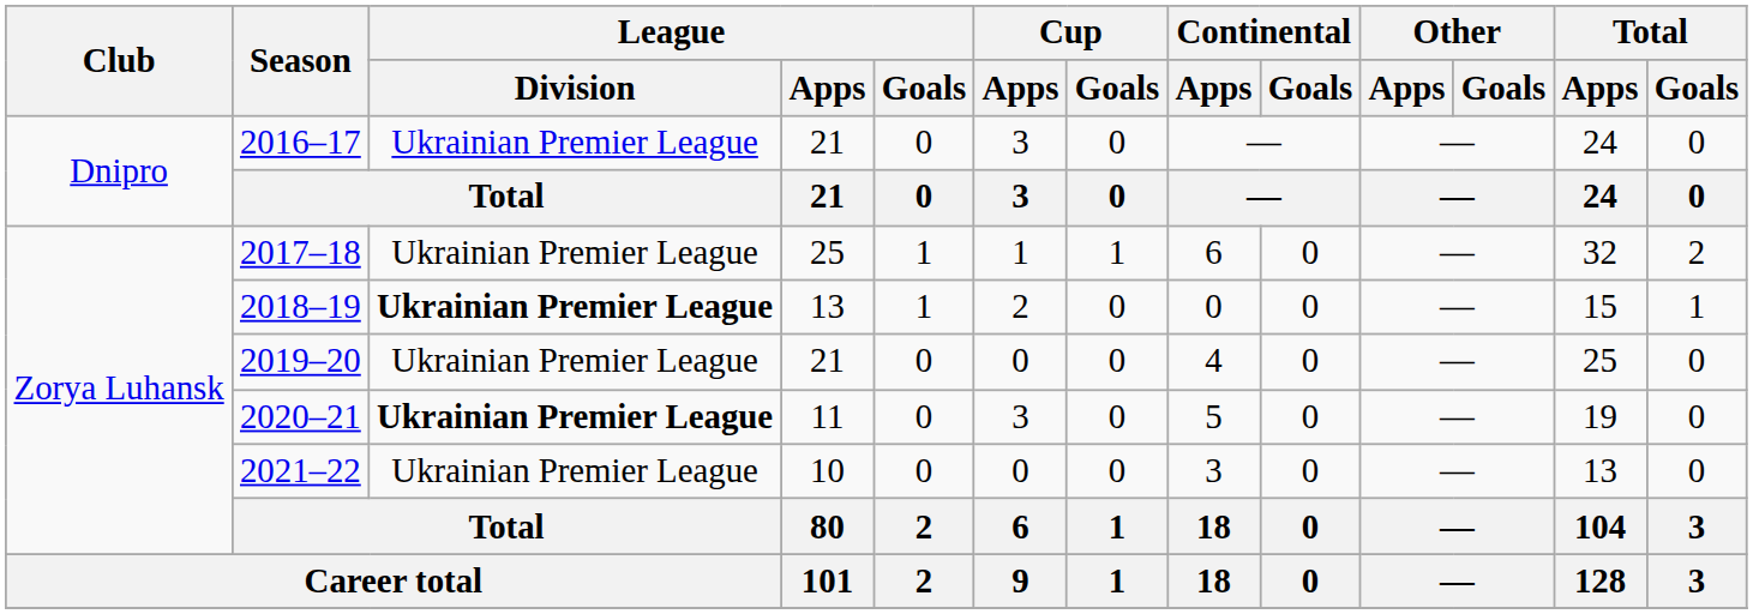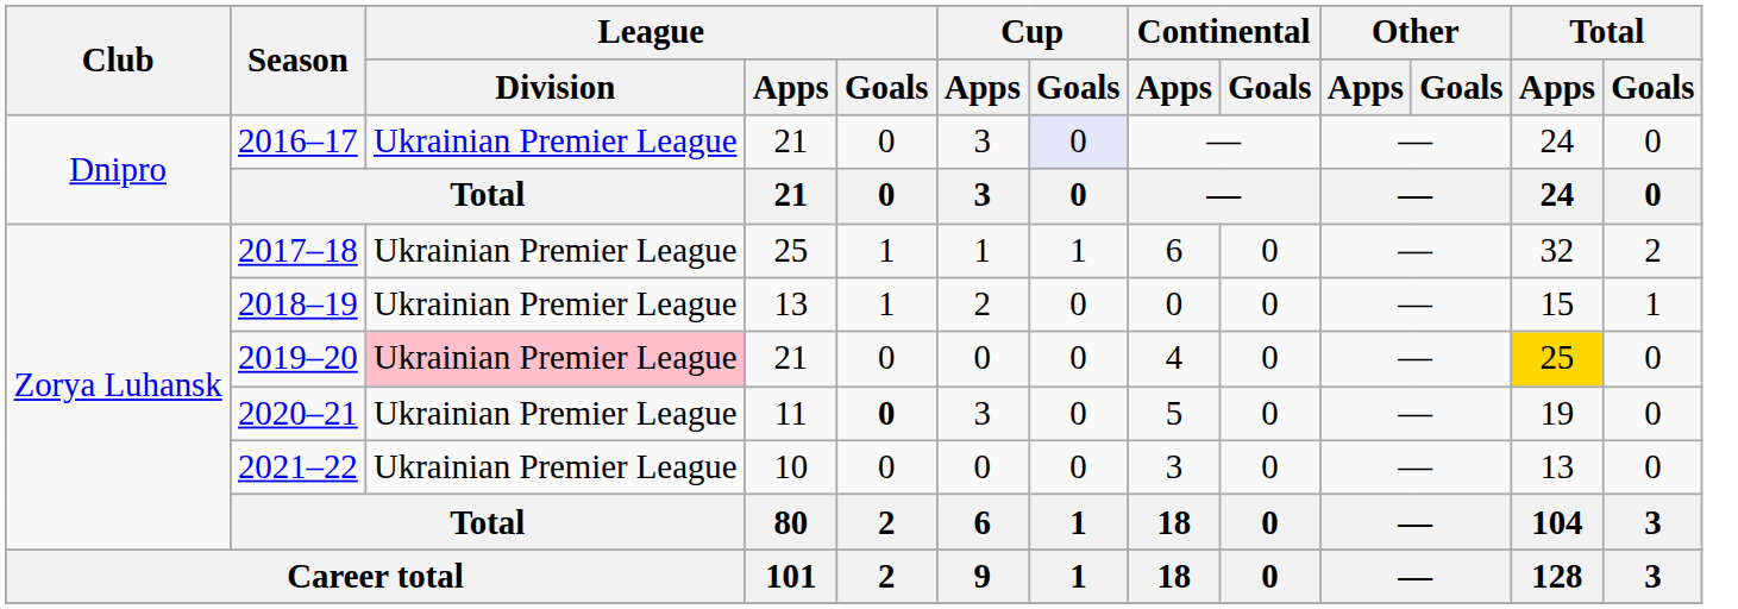 <table class="wikitable" style="text-align:center">
 <tr>
 <th rowspan="2">Club</th>
 <th rowspan="2">Season</th>
 <th colspan="3">League</th>
 <th colspan="2">Cup</th>
 <th colspan="2">Continental</th>
 <th colspan="2">Other</th>
 <th colspan="2">Total</th>
 </tr>
 <tr>
 <th>Division</th>
 <th>Apps</th>
 <th>Goals</th>
 <th>Apps</th>
 <th>Goals</th>
 <th>Apps</th>
 <th>Goals</th>
 <th>Apps</th>
 <th>Goals</th>
 <th>Apps</th>
 <th>Goals</th>
 </tr>
 <tr>
 <td rowspan="2"><a href='#'>Dnipro</a></td>
 <td><a href='#'>2016–17</a></td>
 <td><a href='#'>Ukrainian Premier League</a></td>
 <td>21</td>
 <td>0</td>
 <td>3</td>
-<td>0</td>
+<td style="background: lavender;">0</td>
 <td colspan="2">—</td>
 <td colspan="2">—</td>
 <td>24</td>
 <td>0</td>
 </tr>
 <tr>
 <th colspan="2">Total</th>
 <th>21</th>
 <th>0</th>
 <th>3</th>
 <th>0</th>
 <th colspan="2">—</th>
 <th colspan="2">—</th>
 <th>24</th>
 <th>0</th>
 </tr>
 <tr>
 <td rowspan="6"><a href='#'>Zorya Luhansk</a></td>
 <td><a href='#'>2017–18</a></td>
 <td>Ukrainian Premier League</td>
 <td>25</td>
 <td>1</td>
 <td>1</td>
 <td>1</td>
 <td>6</td>
 <td>0</td>
 <td colspan="2">—</td>
 <td>32</td>
 <td>2</td>
 </tr>
 <tr>
 <td><a href='#'>2018–19</a></td>
-<td><strong>Ukrainian Premier League</strong></td>
+<td>Ukrainian Premier League</td>
 <td>13</td>
 <td>1</td>
 <td>2</td>
 <td>0</td>
 <td>0</td>
 <td>0</td>
 <td colspan="2">—</td>
 <td>15</td>
 <td>1</td>
 </tr>
 <tr>
 <td><a href='#'>2019–20</a></td>
-<td>Ukrainian Premier League</td>
+<td style="background: pink;">Ukrainian Premier League</td>
 <td>21</td>
 <td>0</td>
 <td>0</td>
 <td>0</td>
 <td>4</td>
 <td>0</td>
 <td colspan="2">—</td>
-<td>25</td>
+<td style="background: gold;">25</td>
 <td>0</td>
 </tr>
 <tr>
 <td><a href='#'>2020–21</a></td>
-<td><strong>Ukrainian Premier League</strong></td>
+<td>Ukrainian Premier League</td>
 <td>11</td>
-<td>0</td>
+<td><strong>0</strong></td>
 <td>3</td>
 <td>0</td>
 <td>5</td>
 <td>0</td>
 <td colspan="2">—</td>
 <td>19</td>
 <td>0</td>
 </tr>
 <tr>
 <td><a href='#'>2021–22</a></td>
 <td>Ukrainian Premier League</td>
 <td>10</td>
 <td>0</td>
 <td>0</td>
 <td>0</td>
 <td>3</td>
 <td>0</td>
 <td colspan="2">—</td>
 <td>13</td>
 <td>0</td>
 </tr>
 <tr>
 <th colspan="2">Total</th>
 <th>80</th>
 <th>2</th>
 <th>6</th>
 <th>1</th>
 <th>18</th>
 <th>0</th>
 <th colspan="2">—</th>
 <th>104</th>
 <th>3</th>
 </tr>
 <tr>
 <th colspan="3">Career total</th>
 <th>101</th>
 <th>2</th>
 <th>9</th>
 <th>1</th>
 <th>18</th>
 <th>0</th>
 <th colspan="2">—</th>
 <th>128</th>
 <th>3</th>
 </tr>
 <tr>
 </tr>
 </table>
